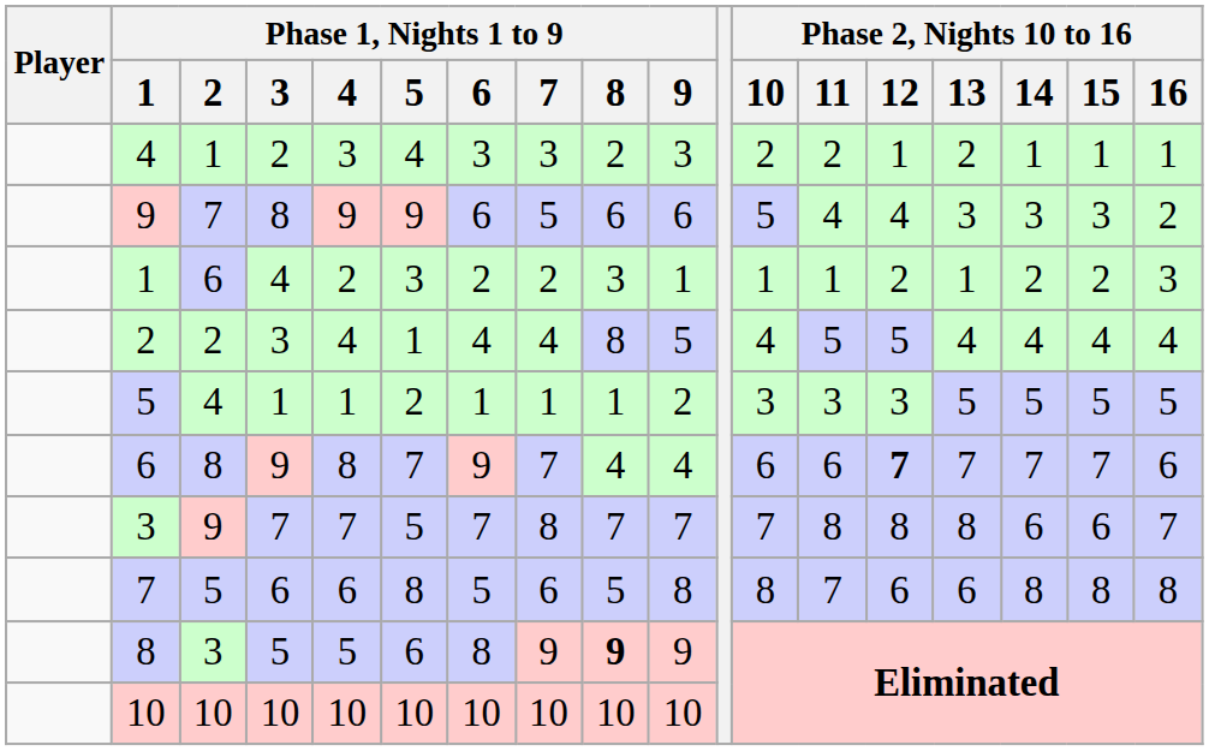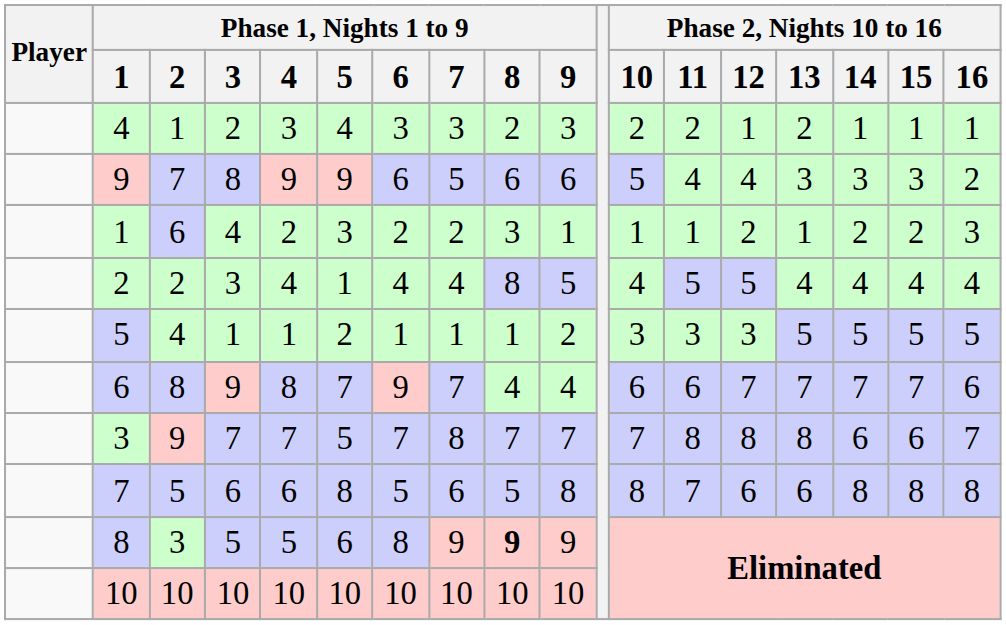 <table class="wikitable">
 <tr style="font-size:10pt;font-weight:bold">
 <th rowspan=2>Player</th>
 <th colspan=9>Phase 1, Nights 1 to 9</th>
 <th rowspan=12></th>
 <th colspan=7>Phase 2, Nights 10 to 16</th>
 </tr>
 <tr>
 <th style="width:20px;">1</th>
 <th style="width:20px;">2</th>
 <th style="width:20px;">3</th>
 <th style="width:20px;">4</th>
 <th style="width:20px;">5</th>
 <th style="width:20px;">6</th>
 <th style="width:20px;">7</th>
 <th style="width:20px;">8</th>
 <th style="width:20px;">9</th>
 <th style="width:20px;">10</th>
 <th style="width:20px;">11</th>
 <th style="width:20px;">12</th>
 <th style="width:20px;">13</th>
 <th style="width:20px;">14</th>
 <th style="width:20px;">15</th>
 <th style="width:20px;">16</th>
 </tr>
 <tr>
 <td></td>
 <td style="text-align:center; background:#cfc;">4</td>
 <td style="text-align:center; background:#cfc;">1</td>
 <td style="text-align:center; background:#cfc;">2</td>
 <td style="text-align:center; background:#cfc;">3</td>
 <td style="text-align:center; background:#cfc;">4</td>
 <td style="text-align:center; background:#cfc;">3</td>
 <td style="text-align:center; background:#cfc;">3</td>
 <td style="text-align:center; background:#cfc;">2</td>
 <td style="text-align:center; background:#cfc;">3</td>
 <td style="text-align:center; background:#cfc;">2</td>
 <td style="text-align:center; background:#cfc;">2</td>
 <td style="text-align:center; background:#cfc;">1</td>
 <td style="text-align:center; background:#cfc;">2</td>
 <td style="text-align:center; background:#cfc;">1</td>
 <td style="text-align:center; background:#cfc;">1</td>
 <td style="text-align:center; background:#cfc;">1</td>
 </tr>
 <tr>
 <td></td>
 <td style="text-align:center; background:#fcc;">9</td>
 <td style="text-align:center; background:#cccffc;">7</td>
 <td style="text-align:center; background:#cccffc;">8</td>
 <td style="text-align:center; background:#fcc;">9</td>
 <td style="text-align:center; background:#fcc;">9</td>
 <td style="text-align:center; background:#cccffc;">6</td>
 <td style="text-align:center; background:#cccffc;">5</td>
 <td style="text-align:center; background:#cccffc;">6</td>
 <td style="text-align:center; background:#cccffc;">6</td>
 <td style="text-align:center; background:#cccffc;">5</td>
 <td style="text-align:center; background:#cfc;">4</td>
 <td style="text-align:center; background:#cfc;">4</td>
 <td style="text-align:center; background:#cfc;">3</td>
 <td style="text-align:center; background:#cfc;">3</td>
 <td style="text-align:center; background:#cfc;">3</td>
 <td style="text-align:center; background:#cfc;">2</td>
 </tr>
 <tr>
 <td></td>
 <td style="text-align:center; background:#cfc;">1</td>
 <td style="text-align:center; background:#cccffc;">6</td>
 <td style="text-align:center; background:#cfc;">4</td>
 <td style="text-align:center; background:#cfc;">2</td>
 <td style="text-align:center; background:#cfc;">3</td>
 <td style="text-align:center; background:#cfc;">2</td>
 <td style="text-align:center; background:#cfc;">2</td>
 <td style="text-align:center; background:#cfc;">3</td>
 <td style="text-align:center; background:#cfc;">1</td>
 <td style="text-align:center; background:#cfc;">1</td>
 <td style="text-align:center; background:#cfc;">1</td>
 <td style="text-align:center; background:#cfc;">2</td>
 <td style="text-align:center; background:#cfc;">1</td>
 <td style="text-align:center; background:#cfc;">2</td>
 <td style="text-align:center; background:#cfc;">2</td>
 <td style="text-align:center; background:#cfc;">3</td>
 </tr>
 <tr>
 <td></td>
 <td style="text-align:center; background:#cfc;">2</td>
 <td style="text-align:center; background:#cfc;">2</td>
 <td style="text-align:center; background:#cfc;">3</td>
 <td style="text-align:center; background:#cfc;">4</td>
 <td style="text-align:center; background:#cfc;">1</td>
 <td style="text-align:center; background:#cfc;">4</td>
 <td style="text-align:center; background:#cfc;">4</td>
 <td style="text-align:center; background:#cccffc;">8</td>
 <td style="text-align:center; background:#cccffc;">5</td>
 <td style="text-align:center; background:#cfc;">4</td>
 <td style="text-align:center; background:#cccffc;">5</td>
 <td style="text-align:center; background:#cccffc;">5</td>
 <td style="text-align:center; background:#cfc;">4</td>
 <td style="text-align:center; background:#cfc;">4</td>
 <td style="text-align:center; background:#cfc;">4</td>
 <td style="text-align:center; background:#cfc;">4</td>
 </tr>
 <tr>
 <td></td>
 <td style="text-align:center; background:#cccffc;">5</td>
 <td style="text-align:center; background:#cfc;">4</td>
 <td style="text-align:center; background:#cfc;">1</td>
 <td style="text-align:center; background:#cfc;">1</td>
 <td style="text-align:center; background:#cfc;">2</td>
 <td style="text-align:center; background:#cfc;">1</td>
 <td style="text-align:center; background:#cfc;">1</td>
 <td style="text-align:center; background:#cfc;">1</td>
 <td style="text-align:center; background:#cfc;">2</td>
 <td style="text-align:center; background:#cfc;">3</td>
 <td style="text-align:center; background:#cfc;">3</td>
 <td style="text-align:center; background:#cfc;">3</td>
 <td style="text-align:center; background:#cccffc;">5</td>
 <td style="text-align:center; background:#cccffc;">5</td>
 <td style="text-align:center; background:#cccffc;">5</td>
 <td style="text-align:center; background:#cccffc;">5</td>
 </tr>
 <tr>
 <td></td>
 <td style="text-align:center; background:#cccffc;">6</td>
 <td style="text-align:center; background:#cccffc;">8</td>
 <td style="text-align:center; background:#fcc;">9</td>
 <td style="text-align:center; background:#cccffc;">8</td>
 <td style="text-align:center; background:#cccffc;">7</td>
 <td style="text-align:center; background:#fcc;">9</td>
 <td style="text-align:center; background:#cccffc;">7</td>
 <td style="text-align:center; background:#cfc;">4</td>
 <td style="text-align:center; background:#cfc;">4</td>
 <td style="text-align:center; background:#cccffc;">6</td>
 <td style="text-align:center; background:#cccffc;">6</td>
-<td style="text-align:center; background:#cccffc;"><strong>7</strong></td>
+<td style="text-align:center; background:#cccffc;">7</td>
 <td style="text-align:center; background:#cccffc;">7</td>
 <td style="text-align:center; background:#cccffc;">7</td>
 <td style="text-align:center; background:#cccffc;">7</td>
 <td style="text-align:center; background:#cccffc;">6</td>
 </tr>
 <tr>
 <td></td>
 <td style="text-align:center; background:#cfc;">3</td>
 <td style="text-align:center; background:#fcc;">9</td>
 <td style="text-align:center; background:#cccffc;">7</td>
 <td style="text-align:center; background:#cccffc;">7</td>
 <td style="text-align:center; background:#cccffc;">5</td>
 <td style="text-align:center; background:#cccffc;">7</td>
 <td style="text-align:center; background:#cccffc;">8</td>
 <td style="text-align:center; background:#cccffc;">7</td>
 <td style="text-align:center; background:#cccffc;">7</td>
 <td style="text-align:center; background:#cccffc;">7</td>
 <td style="text-align:center; background:#cccffc;">8</td>
 <td style="text-align:center; background:#cccffc;">8</td>
 <td style="text-align:center; background:#cccffc;">8</td>
 <td style="text-align:center; background:#cccffc;">6</td>
 <td style="text-align:center; background:#cccffc;">6</td>
 <td style="text-align:center; background:#cccffc;">7</td>
 </tr>
 <tr>
 <td></td>
 <td style="text-align:center; background:#cccffc;">7</td>
 <td style="text-align:center; background:#cccffc;">5</td>
 <td style="text-align:center; background:#cccffc;">6</td>
 <td style="text-align:center; background:#cccffc;">6</td>
 <td style="text-align:center; background:#cccffc;">8</td>
 <td style="text-align:center; background:#cccffc;">5</td>
 <td style="text-align:center; background:#cccffc;">6</td>
 <td style="text-align:center; background:#cccffc;">5</td>
 <td style="text-align:center; background:#cccffc;">8</td>
 <td style="text-align:center; background:#cccffc;">8</td>
 <td style="text-align:center; background:#cccffc;">7</td>
 <td style="text-align:center; background:#cccffc;">6</td>
 <td style="text-align:center; background:#cccffc;">6</td>
 <td style="text-align:center; background:#cccffc;">8</td>
 <td style="text-align:center; background:#cccffc;">8</td>
 <td style="text-align:center; background:#cccffc;">8</td>
 </tr>
 <tr>
 <td></td>
 <td style="text-align:center; background:#cccffc;">8</td>
 <td style="text-align:center; background:#cfc;">3</td>
 <td style="text-align:center; background:#cccffc;">5</td>
 <td style="text-align:center; background:#cccffc;">5</td>
 <td style="text-align:center; background:#cccffc;">6</td>
 <td style="text-align:center; background:#cccffc;">8</td>
 <td style="text-align:center; background:#fcc;">9</td>
 <td style="text-align:center; background:#fcc;"><strong>9</strong></td>
 <td style="text-align:center; background:#fcc;">9</td>
 <td align=center bgcolor="#ffcccc" colspan=7 rowspan=2><strong>Eliminated</strong></td>
 </tr>
 <tr>
 <td></td>
 <td style="text-align:center; background:#fcc;">10</td>
 <td style="text-align:center; background:#fcc;">10</td>
 <td style="text-align:center; background:#fcc;">10</td>
 <td style="text-align:center; background:#fcc;">10</td>
 <td style="text-align:center; background:#fcc;">10</td>
 <td style="text-align:center; background:#fcc;">10</td>
 <td style="text-align:center; background:#fcc;">10</td>
 <td style="text-align:center; background:#fcc;">10</td>
 <td style="text-align:center; background:#fcc;">10</td>
 </tr>
 </table>
